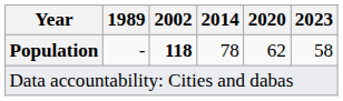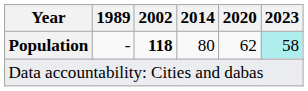 <table class="wikitable" style="text-align:right">
 <tr>
 <th>Year</th>
 <th>1989</th>
 <th>2002</th>
 <th>2014</th>
 <th>2020</th>
 <th>2023</th>
 </tr>
 <tr>
 <th>Population</th>
 <td>-</td>
 <td><strong>118</strong></td>
-<td>78</td>
+<td>80</td>
 <td>62</td>
-<td>58</td>
+<td style="background: paleturquoise;">58</td>
 </tr>
 <tr>
 <td colspan=15 class="wikitable" style="align:left;text-align:left;background-color:#eaecf0">Data accountability: Cities and dabas</td>
 </tr>
 </table>
